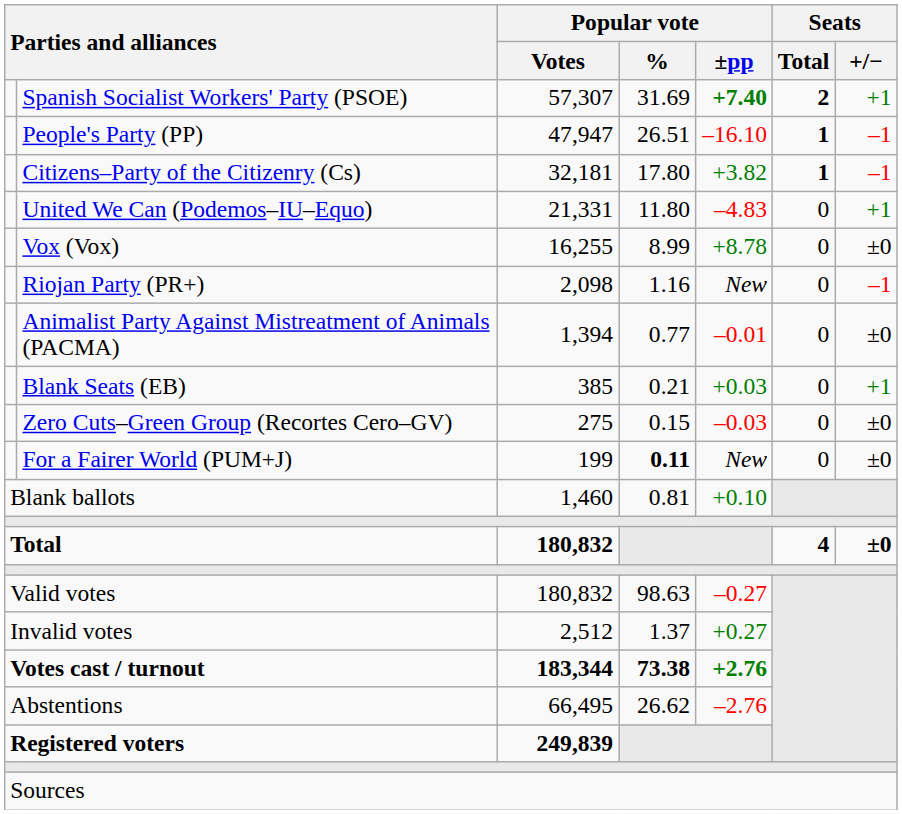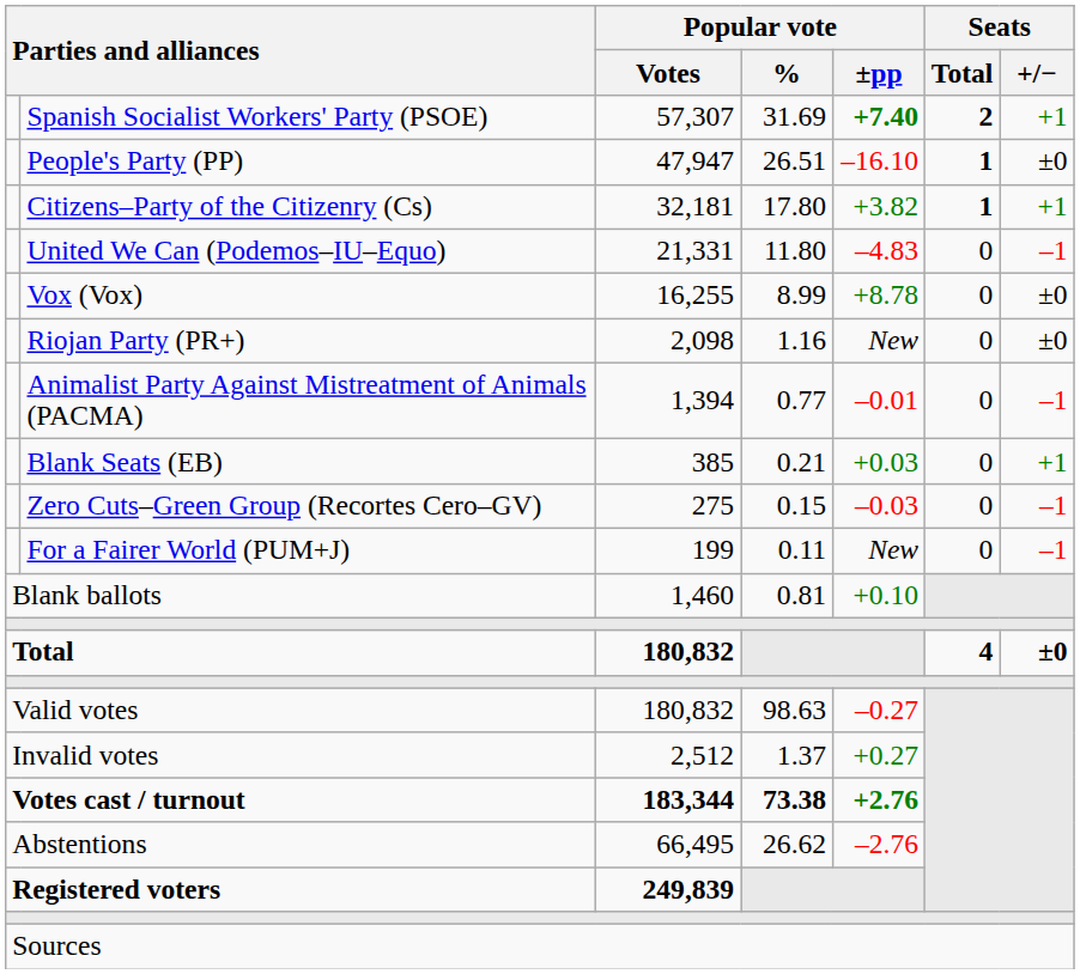 <table class="wikitable" style="text-align:right;">
 <tr>
 <th style="text-align:left;" rowspan="2" colspan="2" width="525">Parties and alliances</th>
 <th colspan="3">Popular vote</th>
 <th colspan="2">Seats</th>
 </tr>
 <tr>
 <th width="75">Votes</th>
 <th width="45">%</th>
 <th width="45">±<a href='#'>pp</a></th>
 <th width="35">Total</th>
 <th width="35">+/−</th>
 </tr>
 <tr>
 <td width="1" style="color:inherit;background:"></td>
 <td align="left"><a href='#'>Spanish Socialist Workers' Party</a> (PSOE)</td>
 <td>57,307</td>
 <td>31.69</td>
 <td style="color:green;"><strong>+7.40</strong></td>
 <td><strong>2</strong></td>
 <td style="color:green;">+1</td>
 </tr>
 <tr>
 <td style="color:inherit;background:"></td>
 <td align="left"><a href='#'>People's Party</a> (PP)</td>
 <td>47,947</td>
 <td>26.51</td>
 <td style="color:red;">–16.10</td>
 <td><strong>1</strong></td>
-<td style="color:red;">–1</td>
+<td>±0</td>
 </tr>
 <tr>
 <td style="color:inherit;background:"></td>
 <td align="left"><a href='#'>Citizens–Party of the Citizenry</a> (Cs)</td>
 <td>32,181</td>
 <td>17.80</td>
 <td style="color:green;">+3.82</td>
 <td><strong>1</strong></td>
-<td style="color:red;">–1</td>
+<td style="color:green;">+1</td>
 </tr>
 <tr>
 <td style="color:inherit;background:"></td>
 <td align="left"><a href='#'>United We Can</a> (<a href='#'>Podemos</a>–<a href='#'>IU</a>–<a href='#'>Equo</a>)</td>
 <td>21,331</td>
 <td>11.80</td>
 <td style="color:red;">–4.83</td>
 <td>0</td>
-<td style="color:green;">+1</td>
+<td style="color:red;">–1</td>
 </tr>
 <tr>
 <td style="color:inherit;background:"></td>
 <td align="left"><a href='#'>Vox</a> (Vox)</td>
 <td>16,255</td>
 <td>8.99</td>
 <td style="color:green;">+8.78</td>
 <td>0</td>
 <td>±0</td>
 </tr>
 <tr>
 <td style="color:inherit;background:"></td>
 <td align="left"><a href='#'>Riojan Party</a> (PR+)</td>
 <td>2,098</td>
 <td>1.16</td>
 <td><em>New</em></td>
 <td>0</td>
-<td style="color:red;">–1</td>
+<td>±0</td>
 </tr>
 <tr>
 <td style="color:inherit;background:"></td>
 <td align="left"><a href='#'>Animalist Party Against Mistreatment of Animals</a> (PACMA)</td>
 <td>1,394</td>
 <td>0.77</td>
 <td style="color:red;">–0.01</td>
 <td>0</td>
-<td>±0</td>
+<td style="color:red;">–1</td>
 </tr>
 <tr>
 <td style="color:inherit;background:"></td>
 <td align="left"><a href='#'>Blank Seats</a> (EB)</td>
 <td>385</td>
 <td>0.21</td>
 <td style="color:green;">+0.03</td>
 <td>0</td>
 <td style="color:green;">+1</td>
 </tr>
 <tr>
 <td style="color:inherit;background:"></td>
 <td align="left"><a href='#'>Zero Cuts</a>–<a href='#'>Green Group</a> (Recortes Cero–GV)</td>
 <td>275</td>
 <td>0.15</td>
 <td style="color:red;">–0.03</td>
 <td>0</td>
-<td>±0</td>
+<td style="color:red;">–1</td>
 </tr>
 <tr>
 <td style="color:inherit;background:"></td>
 <td align="left"><a href='#'>For a Fairer World</a> (PUM+J)</td>
 <td>199</td>
-<td><strong>0.11</strong></td>
+<td>0.11</td>
 <td><em>New</em></td>
 <td>0</td>
-<td>±0</td>
+<td style="color:red;">–1</td>
 </tr>
 <tr>
 <td align="left" colspan="2">Blank ballots</td>
 <td>1,460</td>
 <td>0.81</td>
 <td style="color:green;">+0.10</td>
 <td bgcolor="#E9E9E9" colspan="2"></td>
 </tr>
 <tr>
 <td colspan="7" bgcolor="#E9E9E9"></td>
 </tr>
 <tr style="font-weight:bold;">
 <td align="left" colspan="2">Total</td>
 <td>180,832</td>
 <td bgcolor="#E9E9E9" colspan="2"></td>
 <td>4</td>
 <td>±0</td>
 </tr>
 <tr>
 <td colspan="7" bgcolor="#E9E9E9"></td>
 </tr>
 <tr>
 <td align="left" colspan="2">Valid votes</td>
 <td>180,832</td>
 <td>98.63</td>
 <td style="color:red;">–0.27</td>
 <td bgcolor="#E9E9E9" colspan="2" rowspan="5"></td>
 </tr>
 <tr>
 <td align="left" colspan="2">Invalid votes</td>
 <td>2,512</td>
 <td>1.37</td>
 <td style="color:green;">+0.27</td>
 </tr>
 <tr style="font-weight:bold;">
 <td align="left" colspan="2">Votes cast / turnout</td>
 <td>183,344</td>
 <td>73.38</td>
 <td style="color:green;">+2.76</td>
 </tr>
 <tr>
 <td align="left" colspan="2">Abstentions</td>
 <td>66,495</td>
 <td>26.62</td>
 <td style="color:red;">–2.76</td>
 </tr>
 <tr style="font-weight:bold;">
 <td align="left" colspan="2">Registered voters</td>
 <td>249,839</td>
 <td bgcolor="#E9E9E9" colspan="2"></td>
 </tr>
 <tr>
 <td colspan="7" bgcolor="#E9E9E9"></td>
 </tr>
 <tr>
 <td align="left" colspan="7">Sources</td>
 </tr>
 </table>
